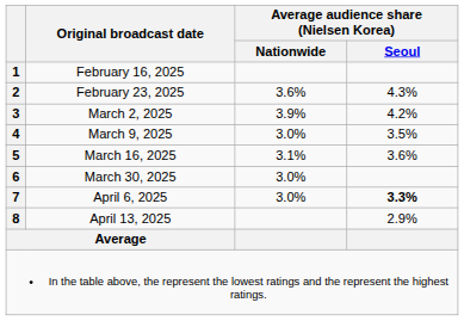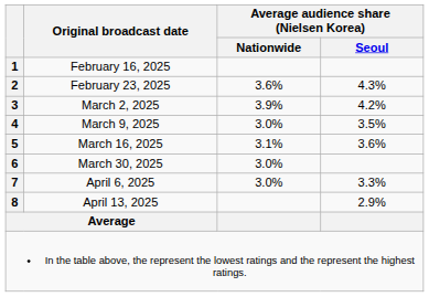 <table class="wikitable" style="margin-left:auto; margin-right:auto; width:550px; text-align:center">
 <tr>
 <th scope="col" rowspan="2"></th>
 <th scope="col" rowspan="2">Original broadcast date</th>
 <th scope="col" colspan="2">Average audience share<br>(Nielsen Korea)</th>
 </tr>
 <tr>
 <th scope="col" style="width:8em">Nationwide</th>
 <th scope="col" style="width:8em"><a href='#'>Seoul</a></th>
 </tr>
 <tr>
 <th scope="row">1</th>
 <td>February 16, 2025</td>
 <td><strong></strong></td>
 <td><strong></strong></td>
 </tr>
 <tr>
 <th scope="row">2</th>
 <td>February 23, 2025</td>
 <td>3.6%</td>
 <td>4.3%</td>
 </tr>
 <tr>
 <th scope="row">3</th>
 <td>March 2, 2025</td>
 <td>3.9%</td>
 <td>4.2%</td>
 </tr>
 <tr>
 <th scope="row">4</th>
 <td>March 9, 2025</td>
 <td>3.0%</td>
 <td>3.5%</td>
 </tr>
 <tr>
 <th scope="row">5</th>
 <td>March 16, 2025</td>
 <td>3.1%</td>
 <td>3.6%</td>
 </tr>
 <tr>
 <th scope="row">6</th>
 <td>March 30, 2025</td>
 <td>3.0%</td>
 <td><strong></strong></td>
 </tr>
 <tr>
 <th scope="row">7</th>
 <td>April 6, 2025</td>
 <td>3.0%</td>
-<td><strong>3.3%</strong></td>
+<td>3.3%</td>
 </tr>
 <tr>
 <th scope="row">8</th>
 <td>April 13, 2025</td>
 <td><strong></strong></td>
 <td>2.9%</td>
 </tr>
 <tr>
 <th scope="col" colspan="2">Average</th>
 <th scope="col"></th>
 <th scope="col"></th>
 </tr>
 <tr>
 <td colspan="4" style="font-size:85%"><br><ul><li>In the table above, the <strong></strong> represent the lowest ratings and the <strong></strong> represent the highest ratings.</li></ul></td>
 </tr>
 </table>
